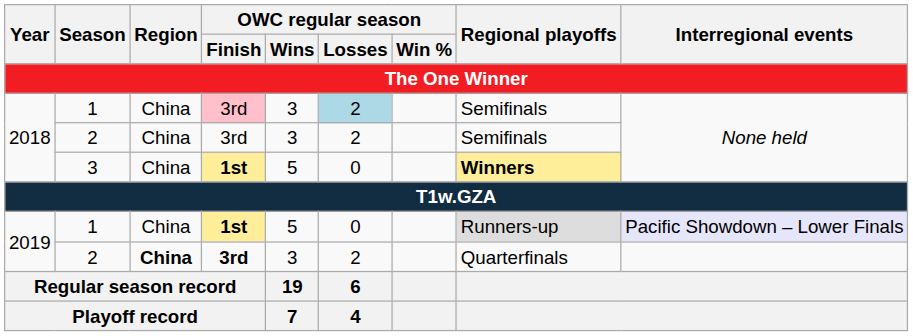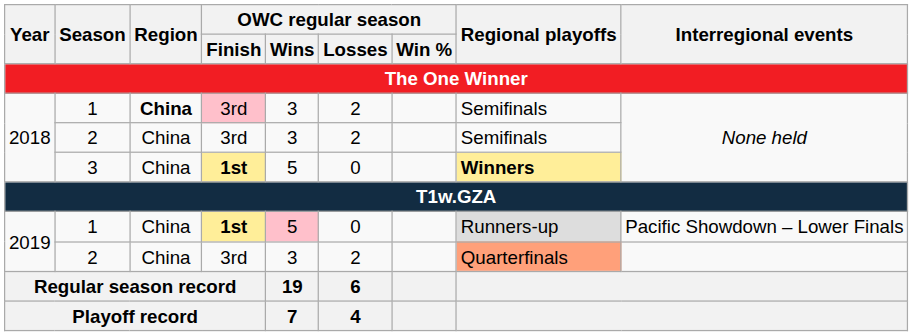 <table class="wikitable" style="text-align:center; font-size:95%;">
 <tr>
 <th rowspan="2">Year</th>
 <th rowspan="2">Season</th>
 <th rowspan="2">Region</th>
 <th colspan="4">OWC regular season</th>
 <th rowspan="2">Regional playoffs</th>
 <th rowspan="2">Interregional events</th>
 </tr>
 <tr>
 <th>Finish</th>
 <th>Wins</th>
 <th>Losses</th>
 <th>Win %</th>
 </tr>
 <tr>
 <th colspan="9" style="background:#f21d23; color:#FFFFFF;">The One Winner</th>
 </tr>
 <tr>
 <td rowspan="3">2018</td>
 <td>1</td>
-<td>China</td>
+<td><strong>China</strong></td>
 <td style="background: pink;">3rd</td>
 <td>3</td>
-<td style="background: lightblue;">2</td>
+<td>2</td>
 <td></td>
 <td style="text-align:left;">Semifinals</td>
 <td rowspan="3"><em>None held</em></td>
 </tr>
 <tr>
 <td>2</td>
 <td>China</td>
 <td>3rd</td>
 <td>3</td>
 <td>2</td>
 <td></td>
 <td style="text-align:left;">Semifinals</td>
 </tr>
 <tr>
 <td>3</td>
 <td>China</td>
 <td bgcolor="#FFEE99"><strong>1st</strong></td>
 <td>5</td>
 <td>0</td>
 <td></td>
 <td bgcolor="#FFEE99" style="text-align:left;"><strong>Winners</strong></td>
 </tr>
 <tr>
 <th colspan="9" style="background:#122c42; color:#FFFFFF;">T1w.GZA</th>
 </tr>
 <tr>
 <td rowspan= "2">2019</td>
 <td>1</td>
 <td>China</td>
 <td bgcolor="#FFEE99"><strong>1st</strong></td>
-<td>5</td>
+<td style="background: pink;">5</td>
 <td>0</td>
 <td></td>
 <td bgcolor="#DDD" style="text-align:left;">Runners-up</td>
-<td style="background: lavender; text-align:left;">Pacific Showdown – Lower Finals</td>
+<td style="text-align:left;">Pacific Showdown – Lower Finals</td>
 </tr>
 <tr>
 <td>2</td>
-<td><strong>China</strong></td>
-<td><strong>3rd</strong></td>
+<td>China</td>
+<td>3rd</td>
 <td>3</td>
 <td>2</td>
 <td></td>
-<td style="text-align:left;">Quarterfinals</td>
+<td style="background: lightsalmon; text-align:left;">Quarterfinals</td>
 <td></td>
 </tr>
 <tr>
 <th colspan="4">Regular season record</th>
 <th>19</th>
 <th>6</th>
 <th></th>
 <th colspan="3"></th>
 </tr>
 <tr>
 <th colspan="4">Playoff record</th>
 <th>7</th>
 <th>4</th>
 <th></th>
 <th colspan="3"></th>
 </tr>
 </table>
